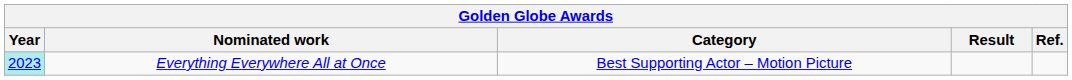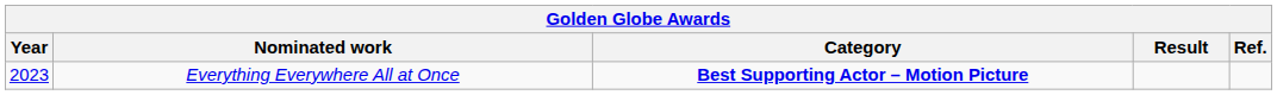 <table class="wikitable">
 <tr>
 <th colspan="5" align="center"><a href='#'>Golden Globe Awards</a></th>
 </tr>
 <tr>
 <th scope="col" style="width:1em;">Year</th>
 <th scope="col" style="width:30em;">Nominated work</th>
 <th scope="col" style="width:30em;">Category</th>
 <th scope="col" style="width:5em;">Result</th>
 <th scope="col" style="width:1em;">Ref.</th>
 </tr>
 <tr>
-<td align="center" style="background: paleturquoise;"><a href='#'>2023</a></td>
+<td align="center"><a href='#'>2023</a></td>
 <td align="center"><em><a href='#'>Everything Everywhere All at Once</a></em></td>
-<td align="center"><a href='#'>Best Supporting Actor – Motion Picture</a></td>
+<td align="center"><strong><a href='#'>Best Supporting Actor – Motion Picture</a></strong></td>
 <td></td>
 <td align="center"></td>
 </tr>
 </table>
